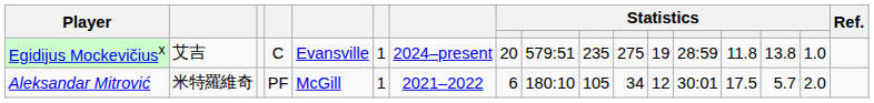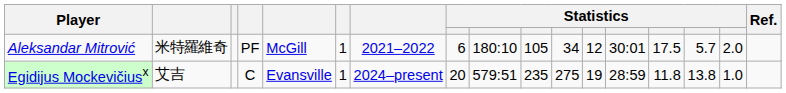 <table class="wikitable sortable" style="font-size:95%; text-align:right;">
 <tr>
 <th rowspan="2">Player</th>
 <th rowspan="2"></th>
 <th rowspan="2"></th>
 <th rowspan="2"></th>
 <th rowspan="2"></th>
 <th rowspan="2"></th>
 <th rowspan="2"></th>
 <th colspan="9">Statistics</th>
 <th rowspan="2">Ref.</th>
 </tr>
 <tr>
 <th></th>
 <th></th>
 <th></th>
 <th></th>
 <th></th>
 <th></th>
 <th></th>
 <th></th>
 <th></th>
 </tr>
 <tr>
+<td align="left"><em><a href='#'>Aleksandar Mitrović</a></em></td>
+<td align="left">米特羅維奇</td>
+<td align="center"></td>
+<td align="center">PF</td>
+<td align="left"><a href='#'>McGill</a></td>
+<td align="center">1</td>
+<td align="center"><a href='#'>2021–2022</a></td>
+<td>6</td>
+<td>180:10</td>
+<td>105</td>
+<td>34</td>
+<td>12</td>
+<td>30:01</td>
+<td>17.5</td>
+<td>5.7</td>
+<td>2.0</td>
+<td align="center"></td>
+</tr>
+<tr>
 <td align="left" bgcolor="#CCFFCC"><a href='#'>Egidijus Mockevičius</a><sup>x</sup></td>
 <td align="left">艾吉</td>
 <td align="center"></td>
 <td align="center">C</td>
 <td align="left"><a href='#'>Evansville</a></td>
 <td align="center">1</td>
 <td align="center"><a href='#'>2024–present</a></td>
 <td>20</td>
 <td>579:51</td>
 <td>235</td>
 <td>275</td>
 <td>19</td>
 <td>28:59</td>
 <td>11.8</td>
 <td>13.8</td>
 <td>1.0</td>
 <td align="center"></td>
 </tr>
-<tr>
-<td align="left"><em><a href='#'>Aleksandar Mitrović</a></em></td>
-<td align="left">米特羅維奇</td>
-<td align="center"></td>
-<td align="center">PF</td>
-<td align="left"><a href='#'>McGill</a></td>
-<td align="center">1</td>
-<td align="center"><a href='#'>2021–2022</a></td>
-<td>6</td>
-<td>180:10</td>
-<td>105</td>
-<td>34</td>
-<td>12</td>
-<td>30:01</td>
-<td>17.5</td>
-<td>5.7</td>
-<td>2.0</td>
-<td align="center"></td>
-</tr>
 </table>
